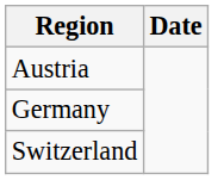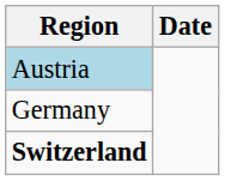 <table class="wikitable">
 <tr>
 <th>Region</th>
 <th>Date</th>
 </tr>
 <tr>
-<td>Austria</td>
+<td style="background: lightblue;">Austria</td>
 <td rowspan="3"></td>
 </tr>
 <tr>
 <td>Germany</td>
 </tr>
 <tr>
-<td>Switzerland</td>
+<td><strong>Switzerland</strong></td>
 </tr>
 </table>
